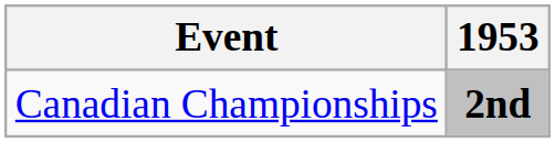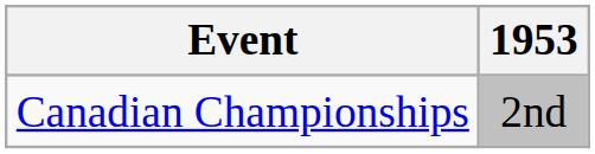 <table class="wikitable">
 <tr>
 <th>Event</th>
 <th>1953</th>
 </tr>
 <tr>
 <td><a href='#'>Canadian Championships</a></td>
-<td align="center" bgcolor="silver"><strong>2nd</strong></td>
+<td align="center" bgcolor="silver">2nd</td>
 </tr>
 </table>
